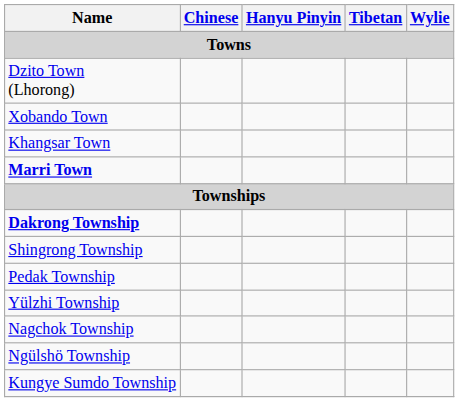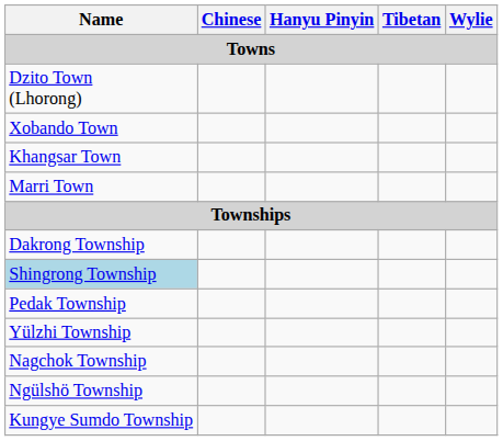 <table class="wikitable"  style="font-size:90%;" align=center>
 <tr>
 <th>Name</th>
 <th><a href='#'>Chinese</a></th>
 <th><a href='#'>Hanyu Pinyin</a></th>
 <th><a href='#'>Tibetan</a></th>
 <th><a href='#'>Wylie</a></th>
 </tr>
 <tr --------->
 <td colspan="7"  style="text-align:center; background:#d3d3d3;"><strong>Towns</strong></td>
 </tr>
 <tr --------->
 <td><a href='#'>Dzito Town</a><br>(Lhorong)</td>
 <td></td>
 <td></td>
 <td></td>
 <td></td>
 </tr>
 <tr>
 <td><a href='#'>Xobando Town</a></td>
 <td></td>
 <td></td>
 <td></td>
 <td></td>
 </tr>
 <tr>
 <td><a href='#'>Khangsar Town</a></td>
 <td></td>
 <td></td>
 <td></td>
 <td></td>
 </tr>
 <tr>
-<td><strong><a href='#'>Marri Town</a></strong></td>
+<td><a href='#'>Marri Town</a></td>
 <td></td>
 <td></td>
 <td></td>
 <td></td>
 </tr>
 <tr --------->
 <td colspan="7"  style="text-align:center; background:#d3d3d3;"><strong>Townships</strong></td>
 </tr>
 <tr --------->
-<td><strong><a href='#'>Dakrong Township</a></strong></td>
+<td><a href='#'>Dakrong Township</a></td>
 <td></td>
 <td></td>
 <td></td>
 <td></td>
 </tr>
 <tr>
-<td><a href='#'>Shingrong Township</a></td>
+<td style="background: lightblue;"><a href='#'>Shingrong Township</a></td>
 <td></td>
 <td></td>
 <td></td>
 <td></td>
 </tr>
 <tr>
 <td><a href='#'>Pedak Township</a></td>
 <td></td>
 <td></td>
 <td></td>
 <td></td>
 </tr>
 <tr>
 <td><a href='#'>Yülzhi Township</a></td>
 <td></td>
 <td></td>
 <td></td>
 <td></td>
 </tr>
 <tr>
 <td><a href='#'>Nagchok Township</a></td>
 <td></td>
 <td></td>
 <td></td>
 <td></td>
 </tr>
 <tr>
 <td><a href='#'>Ngülshö Township</a></td>
 <td></td>
 <td></td>
 <td></td>
 <td></td>
 </tr>
 <tr>
 <td><a href='#'>Kungye Sumdo Township</a></td>
 <td></td>
 <td></td>
 <td></td>
 <td></td>
 </tr>
 <tr>
 </tr>
 </table>
